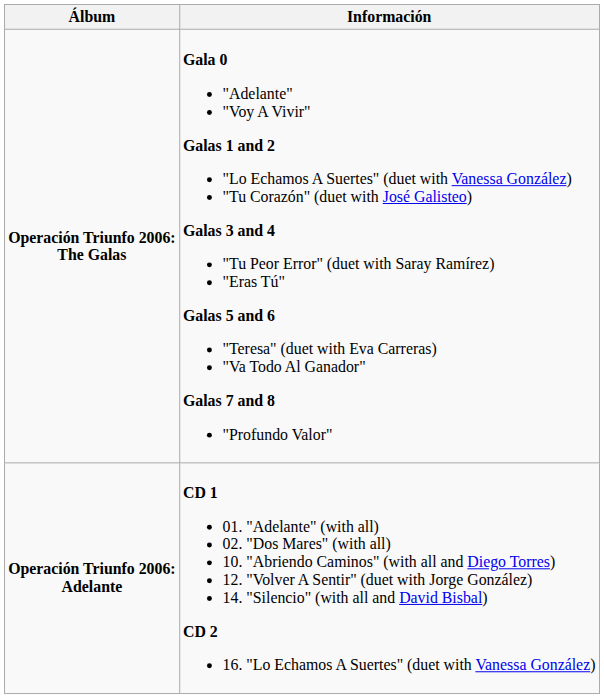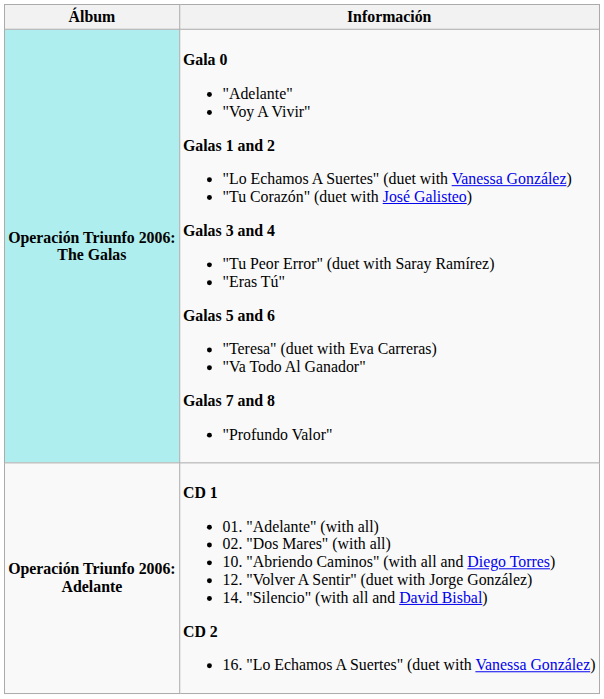 <table class="wikitable">
 <tr>
 <th align="left">Álbum</th>
 <th align="left">Información</th>
 </tr>
 <tr>
-<td style="text-align:center;"><strong>Operación Triunfo 2006:<br>The Galas</strong></td>
+<td style="background: paleturquoise; text-align:center;"><strong>Operación Triunfo 2006:<br>The Galas</strong></td>
 <td align="left"><br><strong>Gala 0</strong><ul><li>"Adelante"</li><li>"Voy A Vivir"</li></ul><strong>Galas 1 and 2</strong><ul><li>"Lo Echamos A Suertes" (duet with <a href='#'>Vanessa González</a>)</li><li>"Tu Corazón" (duet with <a href='#'>José Galisteo</a>)</li></ul><strong>Galas 3 and 4</strong><ul><li>"Tu Peor Error" (duet with Saray Ramírez)</li><li>"Eras Tú"</li></ul><strong>Galas 5 and 6</strong><ul><li>"Teresa" (duet with Eva Carreras)</li><li>"Va Todo Al Ganador"</li></ul><strong>Galas 7 and 8</strong><ul><li>"Profundo Valor"</li></ul></td>
 </tr>
 <tr>
 <td style="text-align:center;"><strong>Operación Triunfo 2006:<br>Adelante</strong></td>
 <td align="left"><br><strong>CD 1</strong><ul><li>01. "Adelante" (with all)</li><li>02. "Dos Mares" (with all)</li><li>10. "Abriendo Caminos" (with all and <a href='#'>Diego Torres</a>)</li><li>12. "Volver A Sentir" (duet with Jorge González)</li><li>14. "Silencio" (with all and <a href='#'>David Bisbal</a>)</li></ul><strong>CD 2</strong><ul><li>16. "Lo Echamos A Suertes" (duet with <a href='#'>Vanessa González</a>)</li></ul></td>
 </tr>
 </table>
